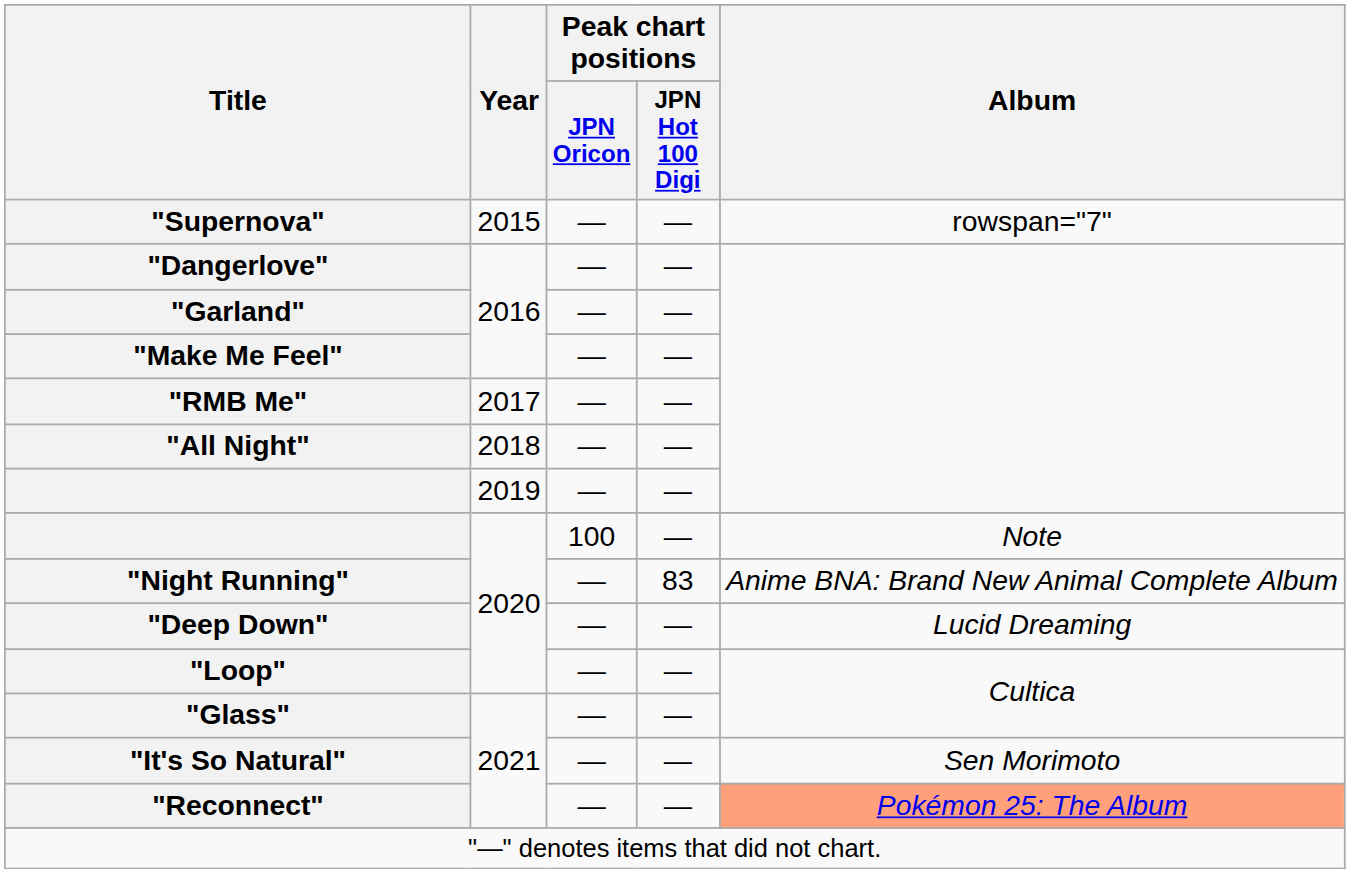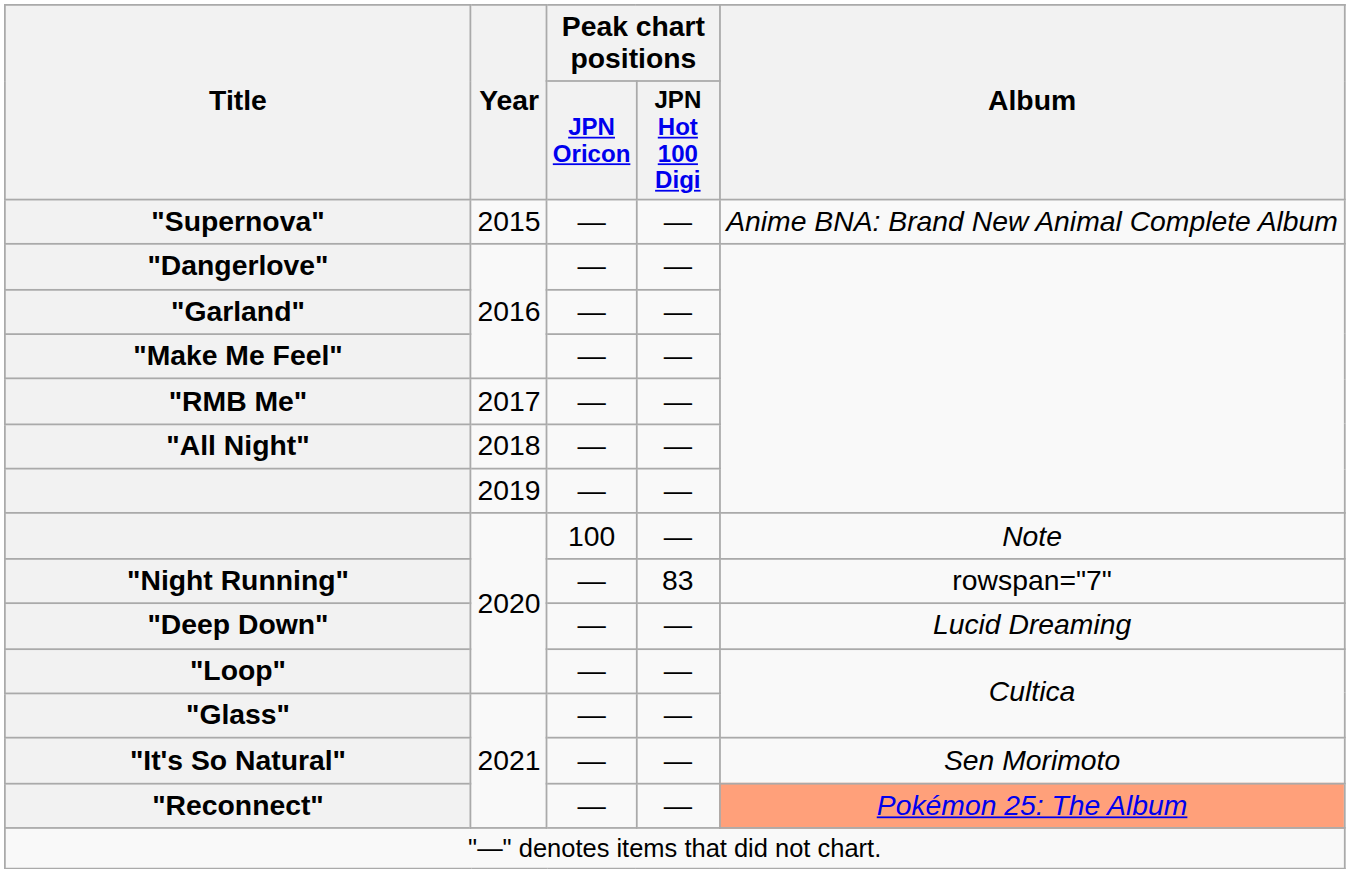 <table class="wikitable plainrowheaders" style="text-align:center;">
 <tr>
 <th scope="col" rowspan="2" style="width:16em;">Title</th>
 <th scope="col" rowspan="2">Year</th>
 <th scope="col" colspan="2">Peak chart positions</th>
 <th scope="col" rowspan="2">Album</th>
 </tr>
 <tr>
 <th style="width:3em;font-size:85%"><a href='#'>JPN<br>Oricon</a><br></th>
 <th style="width:3em;font-size:85%">JPN<br><a href='#'>Hot 100<br>Digi</a><br></th>
 </tr>
 <tr>
 <th scope="row">"Supernova"<br></th>
 <td>2015</td>
 <td>—</td>
 <td>—</td>
-<td>rowspan="7" </td>
+<td><em>Anime BNA: Brand New Animal Complete Album</em></td>
 </tr>
 <tr>
 <th scope="row">"Dangerlove"<br></th>
 <td rowspan="3">2016</td>
 <td>—</td>
 <td>—</td>
 </tr>
 <tr>
 <th scope="row">"Garland"<br></th>
 <td>—</td>
 <td>—</td>
 </tr>
 <tr>
 <th scope="row">"Make Me Feel"<br></th>
 <td>—</td>
 <td>—</td>
 </tr>
 <tr>
 <th scope="row">"RMB Me"<br></th>
 <td>2017</td>
 <td>—</td>
 <td>—</td>
 </tr>
 <tr>
 <th scope="row">"All Night"<br></th>
 <td>2018</td>
 <td>—</td>
 <td>—</td>
 </tr>
 <tr>
 <th scope="row"><br></th>
 <td>2019</td>
 <td>—</td>
 <td>—</td>
 </tr>
 <tr>
 <th scope="row"><br></th>
 <td rowspan="4">2020</td>
 <td>100</td>
 <td>—</td>
 <td><em>Note</em></td>
 </tr>
 <tr>
 <th scope="row">"Night Running"<br></th>
 <td>—</td>
 <td>83</td>
-<td><em>Anime BNA: Brand New Animal Complete Album</em></td>
+<td>rowspan="7" </td>
 </tr>
 <tr>
 <th scope="row">"Deep Down"<br></th>
 <td>—</td>
 <td>—</td>
 <td><em>Lucid Dreaming</em></td>
 </tr>
 <tr>
 <th scope="row">"Loop"<br></th>
 <td>—</td>
 <td>—</td>
 <td rowspan="2"><em>Cultica</em></td>
 </tr>
 <tr>
 <th scope="row">"Glass"<br></th>
 <td rowspan="3">2021</td>
 <td>—</td>
 <td>—</td>
 </tr>
 <tr>
 <th scope="row">"It's So Natural"<br></th>
 <td>—</td>
 <td>—</td>
 <td><em>Sen Morimoto</em></td>
 </tr>
 <tr>
 <th scope="row">"Reconnect"<br></th>
 <td>—</td>
 <td>—</td>
 <td style="background: lightsalmon;"><em><a href='#'>Pokémon 25: The Album</a></em></td>
 </tr>
 <tr>
 <td colspan="12" align="center" style="font-size:90%;">"—" denotes items that did not chart.</td>
 </tr>
 </table>
